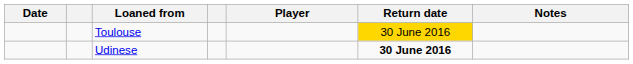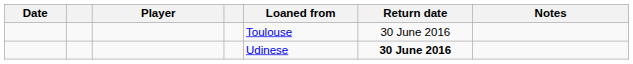 <table class="wikitable sortable">
 <tr>
 <th style="width:80px;">Date</th>
 <th style="width:30px;"></th>
+<th style="width:180px;">Player</th>
+<th style="width:20px;"></th>
 <th style="width:155px;">Loaned from</th>
-<th style="width:20px;"></th>
-<th style="width:180px;">Player</th>
 <th style="width:155px;" class="unsortable">Return date</th>
 <th style="width:215px;" class="unsortable">Notes</th>
 </tr>
 <tr>
 <td></td>
 <td align=center></td>
+<td> </td>
+<td></td>
 <td> <a href='#'>Toulouse</a></td>
-<td></td>
-<td> </td>
-<td align=center style="background: gold;">30 June 2016</td>
+<td align=center>30 June 2016</td>
 <td align=center></td>
 </tr>
 <tr>
 <td></td>
 <td align=center></td>
+<td> </td>
+<td></td>
 <td> <a href='#'>Udinese</a></td>
-<td></td>
-<td> </td>
 <td align=center><strong>30 June 2016</strong></td>
 <td align=center></td>
 </tr>
 </table>
